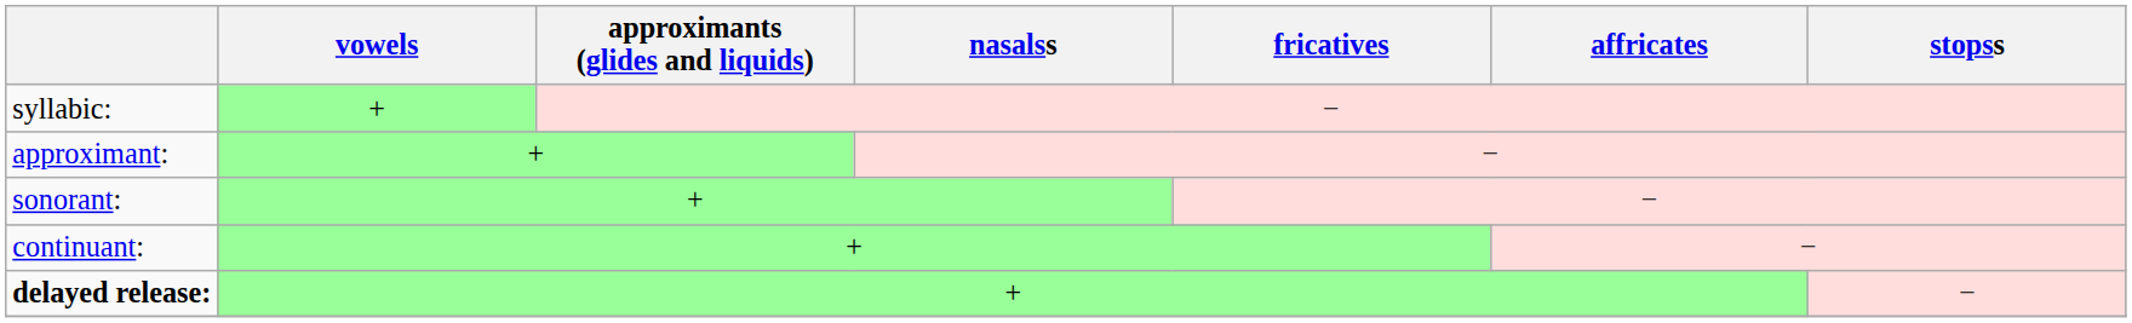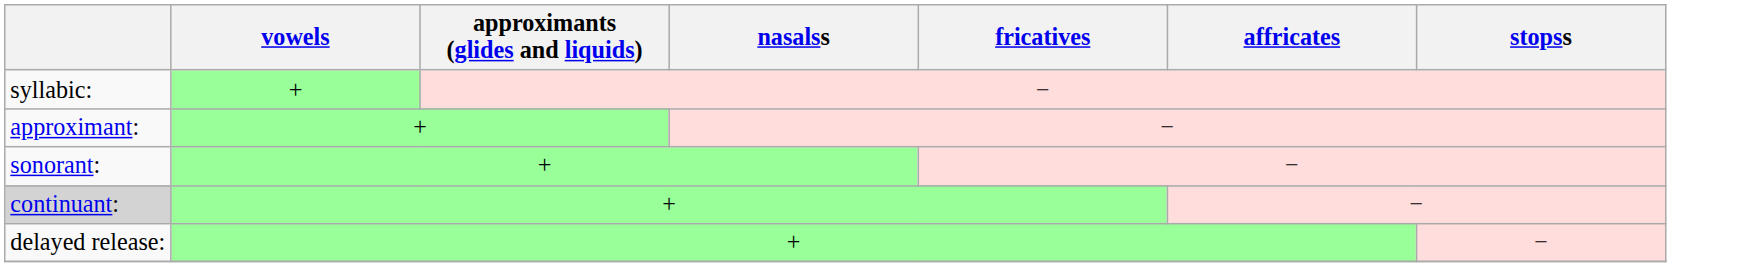 <table class="wikitable">
 <tr>
 <th></th>
 <th width=15%><a href='#'>vowels</a></th>
 <th width=15%>approximants<br>(<a href='#'>glides</a> and <a href='#'>liquids</a>)</th>
 <th width=15%><a href='#'>nasals</a>s</th>
 <th width=15%><a href='#'>fricatives</a></th>
 <th width=15%><a href='#'>affricates</a></th>
 <th width=15%><a href='#'>stops</a>s</th>
 </tr>
 <tr>
 <td>syllabic:</td>
 <td colspan=1 align=center style="background:#99FF99">+</td>
 <td colspan=5 align=center style="background:#FDD">−</td>
 </tr>
 <tr>
 <td><a href='#'>approximant</a>:</td>
 <td colspan=2 align=center style="background:#99FF99">+</td>
 <td colspan=4 align=center style="background:#FDD">−</td>
 </tr>
 <tr>
 <td><a href='#'>sonorant</a>:</td>
 <td colspan=3 align=center style="background:#99FF99">+</td>
 <td colspan=3 align=center style="background:#FDD">−</td>
 </tr>
 <tr>
-<td><a href='#'>continuant</a>:</td>
+<td style="background: lightgrey;"><a href='#'>continuant</a>:</td>
 <td colspan=4 align=center style="background:#99FF99">+</td>
 <td colspan=2 align=center style="background:#FDD">−</td>
 </tr>
 <tr>
-<td><strong>delayed release:</strong></td>
+<td>delayed release:</td>
 <td colspan=5 align=center style="background:#99FF99">+</td>
 <td colspan=1 align=center style="background:#FDD">−</td>
 </tr>
 <tr>
 </tr>
 </table>
